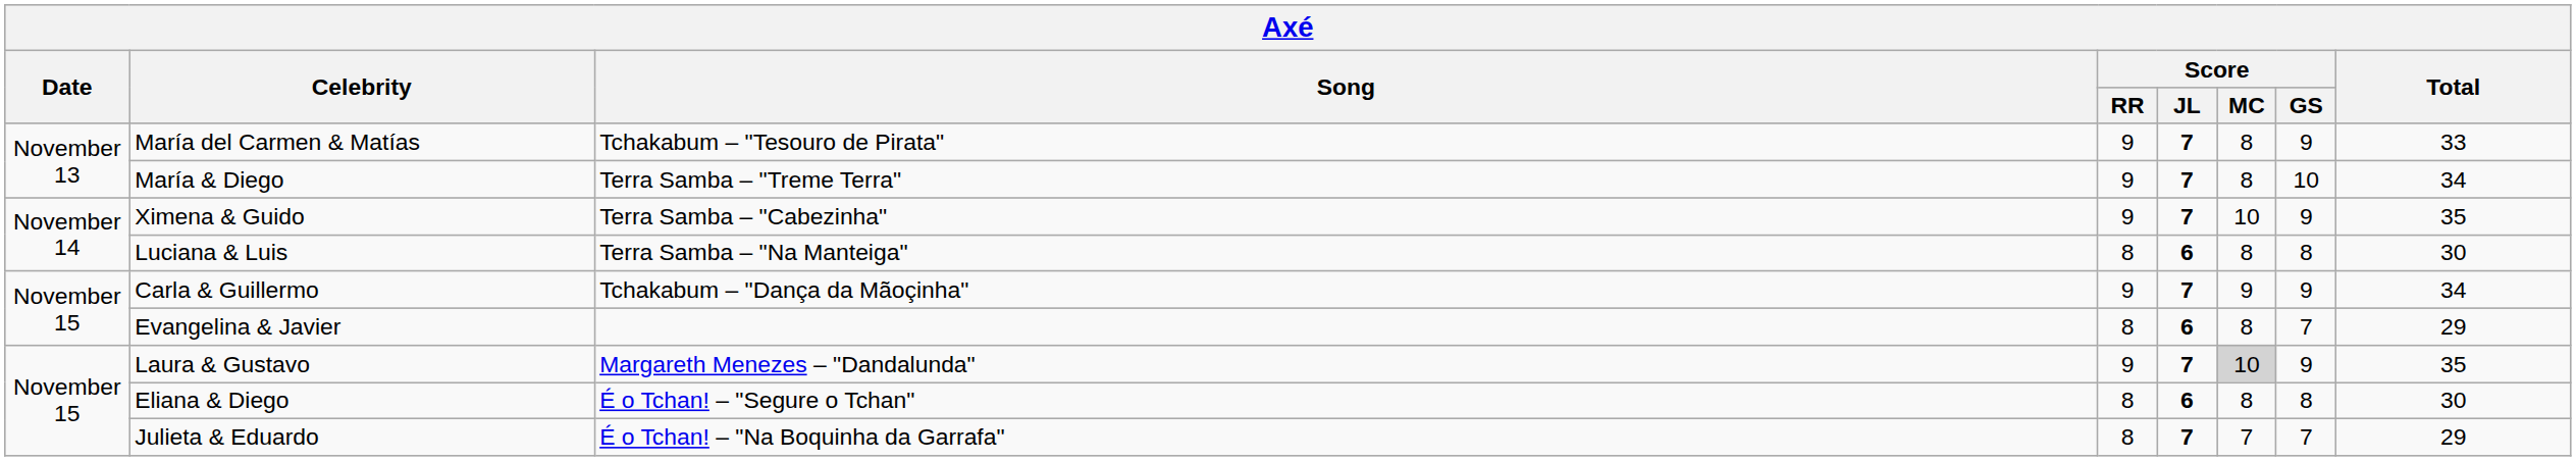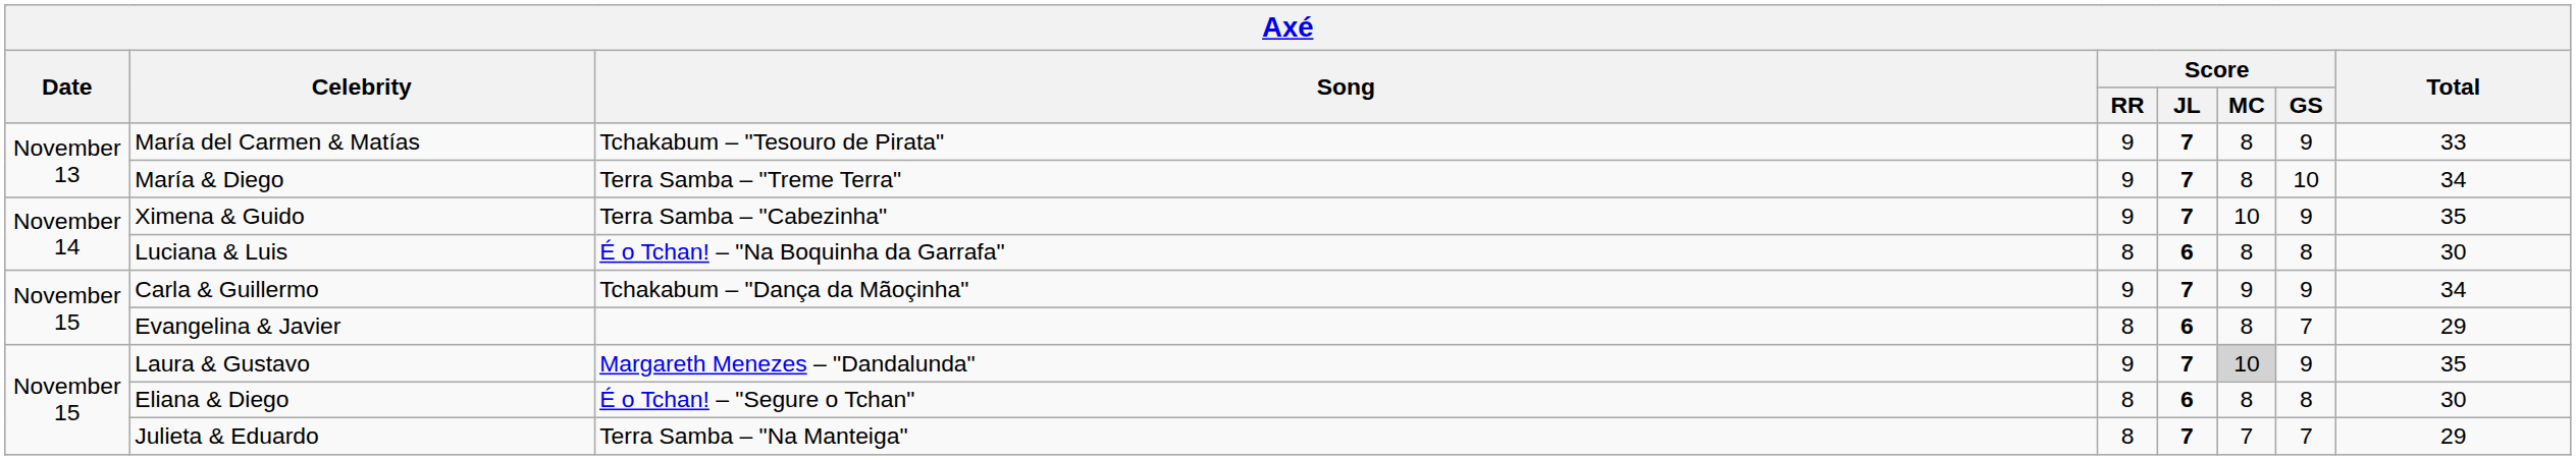 <table class="wikitable collapsible collapsed" style="font-size:90%; text-align: center; width: 100%;">
 <tr>
 <th colspan="11" style="with: 95%;"><big><a href='#'>Axé</a></big></th>
 </tr>
 <tr>
 <th width=70 rowspan="2">Date</th>
 <th width=280 rowspan="2">Celebrity</th>
 <th rowspan="2">Song</th>
 <th colspan="4">Score</th>
 <th rowspan="2">Total</th>
 </tr>
 <tr>
 <th width=30>RR</th>
 <th width=30>JL</th>
 <th width=30>MC</th>
 <th width=30>GS</th>
 </tr>
 <tr>
 <td rowspan="2">November 13</td>
 <td style="text-align:left;">María del Carmen & Matías</td>
 <td style="text-align:left;">Tchakabum – "Tesouro de Pirata"</td>
 <td>9</td>
 <td><strong>7</strong></td>
 <td>8</td>
 <td>9</td>
 <td>33</td>
 </tr>
 <tr>
 <td style="text-align:left;">María & Diego</td>
 <td style="text-align:left;">Terra Samba – "Treme Terra"</td>
 <td>9</td>
 <td><strong>7</strong></td>
 <td>8</td>
 <td>10</td>
 <td>34</td>
 </tr>
 <tr>
 <td rowspan="2">November 14</td>
 <td style="text-align:left;">Ximena & Guido</td>
 <td style="text-align:left;">Terra Samba – "Cabezinha"</td>
 <td>9</td>
 <td><strong>7</strong></td>
 <td>10</td>
 <td>9</td>
 <td>35</td>
 </tr>
 <tr>
 <td style="text-align:left;">Luciana & Luis</td>
-<td style="text-align:left;">Terra Samba – "Na Manteiga"</td>
+<td style="text-align:left;"><a href='#'>É o Tchan!</a> – "Na Boquinha da Garrafa"</td>
 <td>8</td>
 <td><strong>6</strong></td>
 <td>8</td>
 <td>8</td>
 <td>30</td>
 </tr>
 <tr>
 <td rowspan="2">November 15</td>
 <td style="text-align:left;">Carla & Guillermo</td>
 <td style="text-align:left;">Tchakabum – "Dança da Mãoçinha"</td>
 <td>9</td>
 <td><strong>7</strong></td>
 <td>9</td>
 <td>9</td>
 <td>34</td>
 </tr>
 <tr>
 <td style="text-align:left;">Evangelina & Javier</td>
 <td></td>
 <td>8</td>
 <td><strong>6</strong></td>
 <td>8</td>
 <td>7</td>
 <td>29</td>
 </tr>
 <tr>
 <td rowspan="3">November 15</td>
 <td style="text-align:left;">Laura & Gustavo</td>
 <td style="text-align:left;"><a href='#'>Margareth Menezes</a> – "Dandalunda"</td>
 <td>9</td>
 <td><strong>7</strong></td>
 <td style="background: lightgrey;">10</td>
 <td>9</td>
 <td>35</td>
 </tr>
 <tr>
 <td style="text-align:left;">Eliana & Diego</td>
 <td style="text-align:left;"><a href='#'>É o Tchan!</a> – "Segure o Tchan"</td>
 <td>8</td>
 <td><strong>6</strong></td>
 <td>8</td>
 <td>8</td>
 <td>30</td>
 </tr>
 <tr>
 <td style="text-align:left;">Julieta & Eduardo</td>
-<td style="text-align:left;"><a href='#'>É o Tchan!</a> – "Na Boquinha da Garrafa"</td>
+<td style="text-align:left;">Terra Samba – "Na Manteiga"</td>
 <td>8</td>
 <td><strong>7</strong></td>
 <td>7</td>
 <td>7</td>
 <td>29</td>
 </tr>
 </table>
